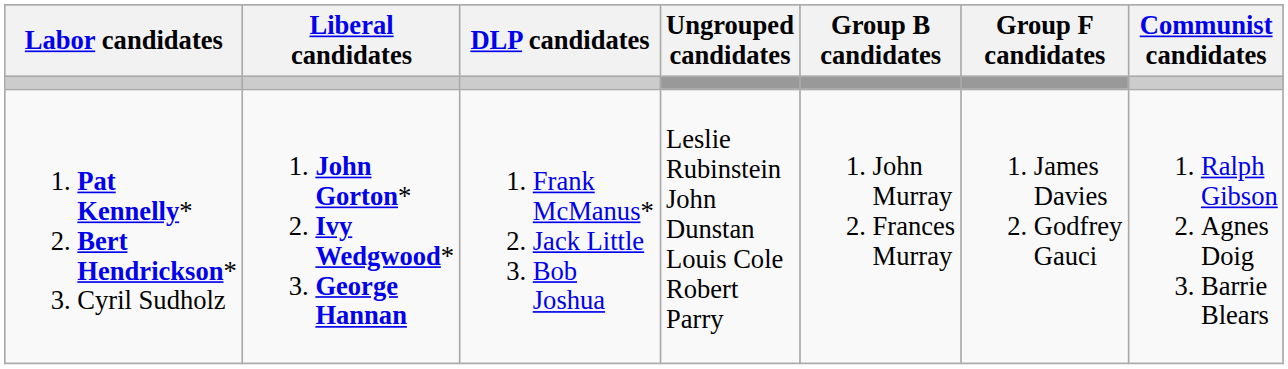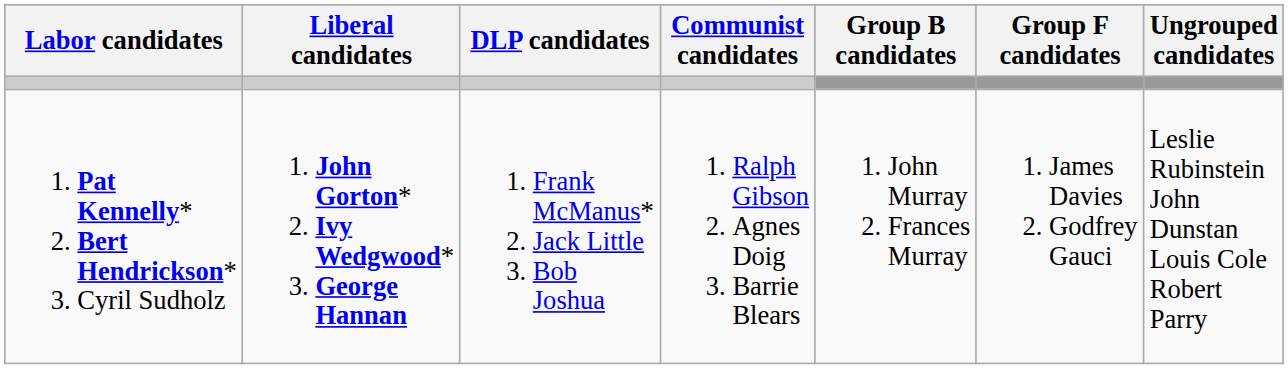 <table class="wikitable">
 <tr>
 <th><a href='#'>Labor</a> candidates</th>
 <th><a href='#'>Liberal</a> candidates</th>
 <th><a href='#'>DLP</a> candidates</th>
-<th>Ungrouped candidates</th>
+<th><a href='#'>Communist</a> candidates</th>
 <th>Group B candidates</th>
 <th>Group F candidates</th>
-<th><a href='#'>Communist</a> candidates</th>
+<th>Ungrouped candidates</th>
 </tr>
 <tr bgcolor="#cccccc">
+<td></td>
 <td></td>
 <td></td>
 <td></td>
 <td bgcolor="#999999"></td>
 <td bgcolor="#999999"></td>
 <td bgcolor="#999999"></td>
-<td></td>
 </tr>
 <tr>
 <td><br><ol><li><strong><a href='#'>Pat Kennelly</a></strong>*</li><li><strong><a href='#'>Bert Hendrickson</a></strong>*</li><li>Cyril Sudholz</li></ol></td>
 <td><br><ol><li><strong><a href='#'>John Gorton</a></strong>*</li><li><strong><a href='#'>Ivy Wedgwood</a></strong>*</li><li><strong><a href='#'>George Hannan</a></strong></li></ol></td>
 <td><br><ol><li><a href='#'>Frank McManus</a>*</li><li><a href='#'>Jack Little</a></li><li><a href='#'>Bob Joshua</a></li></ol></td>
-<td valign=top><br>Leslie Rubinstein<br> John Dunstan<br> Louis Cole<br> Robert Parry</td>
+<td valign=top><br><ol><li><a href='#'>Ralph Gibson</a></li><li>Agnes Doig</li><li>Barrie Blears</li></ol></td>
 <td valign=top><br><ol><li>John Murray</li><li>Frances Murray</li></ol></td>
 <td valign=top><br><ol><li>James Davies</li><li>Godfrey Gauci</li></ol></td>
-<td valign=top><br><ol><li><a href='#'>Ralph Gibson</a></li><li>Agnes Doig</li><li>Barrie Blears</li></ol></td>
+<td valign=top><br>Leslie Rubinstein<br> John Dunstan<br> Louis Cole<br> Robert Parry</td>
 </tr>
 </table>
